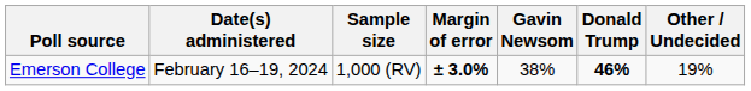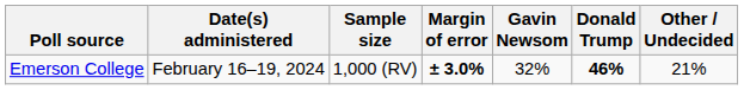 <table class="wikitable sortable mw-datatable" style="font-size:90%;text-align:center;line-height:17px">
 <tr valign=bottom>
 <th>Poll source</th>
 <th>Date(s)<br>administered</th>
 <th>Sample<br>size</th>
 <th>Margin<br>of error</th>
 <th class="unsortable">Gavin<br>Newsom<br></th>
 <th class="unsortable">Donald<br>Trump<br></th>
 <th class="unsortable">Other /<br>Undecided</th>
 </tr>
 <tr>
 <td style="text-align:left;"><a href='#'>Emerson College</a></td>
 <td data-sort-value="2024-02-22">February 16–19, 2024</td>
 <td>1,000 (RV)</td>
 <td><strong>± 3.0%</strong></td>
-<td>38%</td>
+<td>32%</td>
 <td style="background-color:"><strong>46%</strong></td>
-<td>19%</td>
+<td>21%</td>
 </tr>
 </table>
